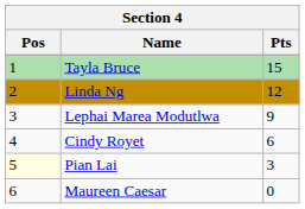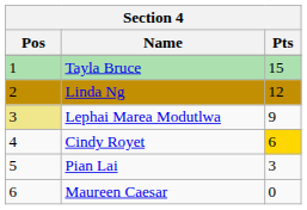 <table class="wikitable">
 <tr>
 <th colspan="6">Section 4</th>
 </tr>
 <tr>
 <th width=50>Pos</th>
 <th width=200>Name</th>
 <th width=30>Pts</th>
 </tr>
 <tr>
 </tr>
 <tr style="background:#ACE1AF;">
 <td>1</td>
 <td> <a href='#'>Tayla Bruce</a></td>
 <td>15</td>
 </tr>
 <tr style="background:#c28f02;">
 <td>2</td>
 <td> <a href='#'>Linda Ng</a></td>
 <td>12</td>
 </tr>
 <tr>
-<td>3</td>
+<td style="background: khaki;">3</td>
 <td> <a href='#'>Lephai Marea Modutlwa</a></td>
 <td>9</td>
 </tr>
 <tr>
 <td>4</td>
 <td> <a href='#'>Cindy Royet</a></td>
-<td>6</td>
+<td style="background: gold;">6</td>
 </tr>
 <tr>
-<td style="background: lightyellow;">5</td>
+<td>5</td>
 <td> <a href='#'>Pian Lai</a></td>
 <td>3</td>
 </tr>
 <tr>
 <td>6</td>
 <td> <a href='#'>Maureen Caesar</a></td>
 <td>0</td>
 </tr>
 </table>
